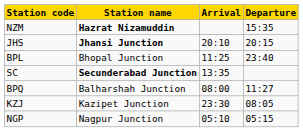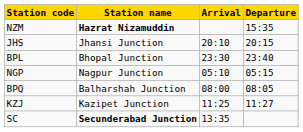 <table class="wikitable">
 <tr>
 <th style="background:gold;">Station code</th>
 <th ! style="background:gold;">Station name</th>
 <th ! style="background:gold;">Arrival</th>
 <th ! style="background:gold;">Departure</th>
 </tr>
 <tr>
 <td>NZM</td>
 <td><strong>Hazrat Nizamuddin</strong></td>
 <td></td>
 <td>15:35</td>
 </tr>
 <tr>
 <td>JHS</td>
-<td><strong>Jhansi Junction</strong></td>
+<td>Jhansi Junction</td>
 <td>20:10</td>
 <td>20:15</td>
 </tr>
 <tr>
 <td>BPL</td>
 <td>Bhopal Junction</td>
+<td>23:30</td>
+<td>23:40</td>
+</tr>
+<tr>
+<td>NGP</td>
+<td>Nagpur Junction</td>
+<td>05:10</td>
+<td>05:15</td>
+</tr>
+<tr>
+<td>BPQ</td>
+<td>Balharshah Junction</td>
+<td>08:00</td>
+<td>08:05</td>
+</tr>
+<tr>
+<td>KZJ</td>
+<td>Kazipet Junction</td>
 <td>11:25</td>
-<td>23:40</td>
+<td>11:27</td>
 </tr>
 <tr>
 <td>SC</td>
 <td><strong>Secunderabad Junction</strong></td>
 <td>13:35</td>
 <td></td>
 </tr>
-<tr>
-<td>BPQ</td>
-<td>Balharshah Junction</td>
-<td>08:00</td>
-<td>11:27</td>
-</tr>
-<tr>
-<td>KZJ</td>
-<td>Kazipet Junction</td>
-<td>23:30</td>
-<td>08:05</td>
-</tr>
-<tr>
-<td>NGP</td>
-<td>Nagpur Junction</td>
-<td>05:10</td>
-<td>05:15</td>
-</tr>
 </table>
